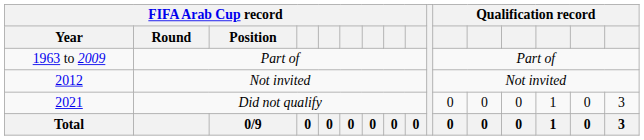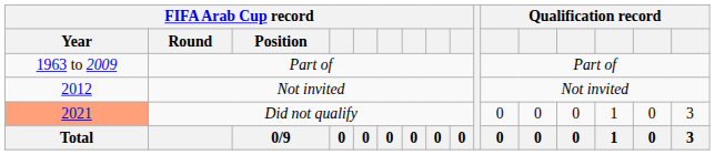 <table class="wikitable" style="text-align: center;">
 <tr>
 <th colspan=9><a href='#'>FIFA Arab Cup</a> record</th>
 <th width=1% rowspan=39></th>
 <th colspan=6>Qualification record</th>
 </tr>
 <tr>
 <th>Year</th>
 <th>Round</th>
 <th>Position</th>
 <th></th>
 <th></th>
 <th></th>
 <th></th>
 <th></th>
 <th></th>
 <th></th>
 <th></th>
 <th></th>
 <th></th>
 <th></th>
 <th></th>
 </tr>
 <tr>
 <td> <a href='#'>1963</a> to <em><a href='#'>2009</a></em></td>
 <td colspan=8><em>Part of </em></td>
 <td colspan=8><em>Part of </em></td>
 </tr>
 <tr>
 <td> <a href='#'>2012</a></td>
 <td colspan=8><em>Not invited</em></td>
 <td colspan=8><em>Not invited</em></td>
 </tr>
 <tr>
-<td> <a href='#'>2021</a></td>
+<td style="background: lightsalmon;"> <a href='#'>2021</a></td>
 <td colspan=8><em>Did not qualify</em></td>
 <td>0</td>
 <td>0</td>
 <td>0</td>
 <td>1</td>
 <td>0</td>
 <td>3</td>
 </tr>
 <tr>
 <th>Total</th>
 <th></th>
 <th>0/9</th>
 <th>0</th>
 <th>0</th>
 <th>0</th>
 <th>0</th>
 <th>0</th>
 <th>0</th>
 <th>0</th>
 <th>0</th>
 <th>0</th>
 <th>1</th>
 <th>0</th>
 <th>3</th>
 </tr>
 </table>
